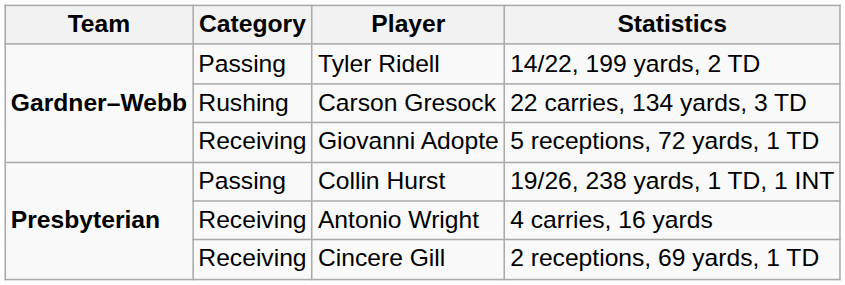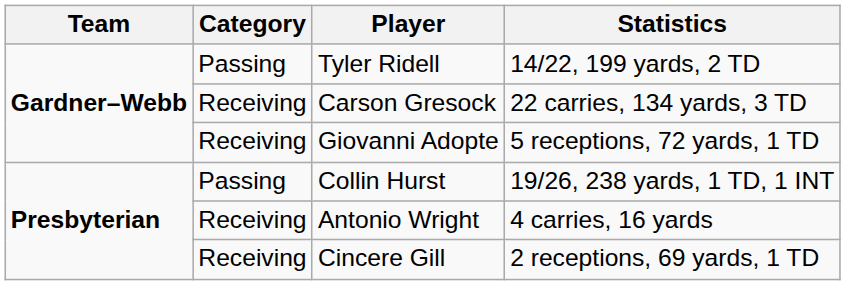 <table class="wikitable" style="float: right;">
 <tr>
 <th>Team</th>
 <th>Category</th>
 <th>Player</th>
 <th>Statistics</th>
 </tr>
 <tr>
 <td rowspan=3><strong>Gardner–Webb</strong></td>
 <td>Passing</td>
 <td>Tyler Ridell</td>
 <td>14/22, 199 yards, 2 TD</td>
 </tr>
 <tr>
-<td>Rushing</td>
+<td>Receiving</td>
 <td>Carson Gresock</td>
 <td>22 carries, 134 yards, 3 TD</td>
 </tr>
 <tr>
 <td>Receiving</td>
 <td>Giovanni Adopte</td>
 <td>5 receptions, 72 yards, 1 TD</td>
 </tr>
 <tr>
 <td rowspan=3><strong>Presbyterian</strong></td>
 <td>Passing</td>
 <td>Collin Hurst</td>
 <td>19/26, 238 yards, 1 TD, 1 INT</td>
 </tr>
 <tr>
 <td>Receiving</td>
 <td>Antonio Wright</td>
 <td>4 carries, 16 yards</td>
 </tr>
 <tr>
 <td>Receiving</td>
 <td>Cincere Gill</td>
 <td>2 receptions, 69 yards, 1 TD</td>
 </tr>
 </table>
